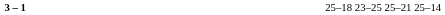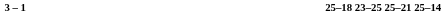 <table width=100% cellspacing=1>
 <tr>
 <th width=20%></th>
 <th width=12%></th>
 <th width=20%></th>
 <th width=33%></th>
 <td></td>
 </tr>
 <tr style=font-size:90%>
 <td align=right><strong></strong></td>
 <td align=center><strong>3 – 1</strong></td>
 <td></td>
-<td>25–18 23–25 25–21 25–14</td>
+<td><strong>25–18 23–25 25–21 25–14</strong></td>
 </tr>
 </table>
